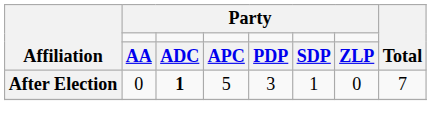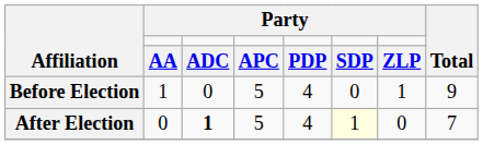 <table class=wikitable style="text-align:center">
 <tr style="vertical-align:bottom;">
 <th rowspan=3>Affiliation</th>
 <th colspan="6">Party</th>
 <th rowspan=3>Total</th>
 </tr>
 <tr>
 <td style="background-color:"></td>
 <td style="background-color:"></td>
 <td style="background-color:"></td>
 <td style="background-color:"></td>
 <td style="background-color:"></td>
 <td style="background-color:"></td>
 </tr>
 <tr>
 <th><a href='#'>AA</a></th>
 <th><a href='#'>ADC</a></th>
 <th><a href='#'>APC</a></th>
 <th><a href='#'>PDP</a></th>
 <th><a href='#'>SDP</a></th>
 <th><a href='#'>ZLP</a></th>
 </tr>
 <tr>
+<th>Before Election</th>
+<td>1</td>
+<td>0</td>
+<td>5</td>
+<td>4</td>
+<td>0</td>
+<td>1</td>
+<td>9</td>
+</tr>
+<tr>
 <th>After Election</th>
 <td>0</td>
 <td><strong>1</strong></td>
 <td>5</td>
-<td>3</td>
-<td>1</td>
+<td>4</td>
+<td style="background: lightyellow;">1</td>
 <td>0</td>
 <td>7</td>
 </tr>
 <tr>
 </tr>
 </table>
